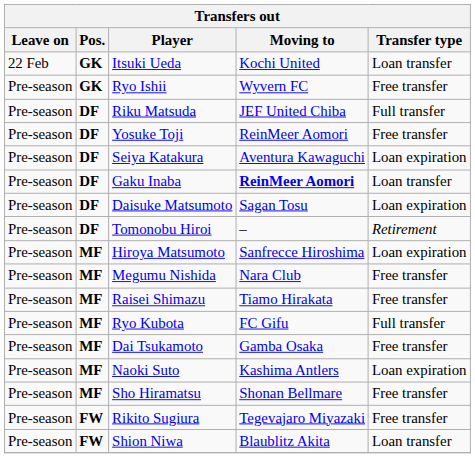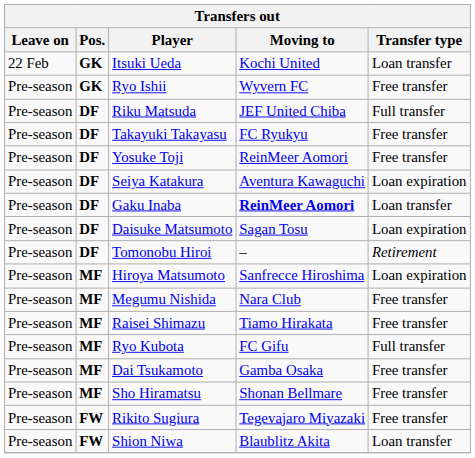 <table class="wikitable sortable" style=“text-align:left;>
 <tr>
 <th colspan="5">Transfers out</th>
 </tr>
 <tr>
 <th>Leave on</th>
 <th>Pos.</th>
 <th>Player</th>
 <th>Moving to</th>
 <th>Transfer type</th>
 </tr>
 <tr>
 <td>22 Feb</td>
 <td><strong>GK</strong></td>
 <td> <a href='#'>Itsuki Ueda</a></td>
 <td> <a href='#'>Kochi United</a></td>
 <td>Loan transfer</td>
 </tr>
 <tr>
 <td>Pre-season</td>
 <td><strong>GK</strong></td>
 <td> <a href='#'>Ryo Ishii</a></td>
 <td> <a href='#'>Wyvern FC</a></td>
 <td>Free transfer</td>
 </tr>
 <tr>
 <td>Pre-season</td>
 <td><strong>DF</strong></td>
 <td> <a href='#'>Riku Matsuda</a></td>
 <td> <a href='#'>JEF United Chiba</a></td>
 <td>Full transfer</td>
+</tr>
+<tr>
+<td>Pre-season</td>
+<td><strong>DF</strong></td>
+<td> <a href='#'>Takayuki Takayasu</a></td>
+<td> <a href='#'>FC Ryukyu</a></td>
+<td>Free transfer</td>
 </tr>
 <tr>
 <td>Pre-season</td>
 <td><strong>DF</strong></td>
 <td> <a href='#'>Yosuke Toji</a></td>
 <td> <a href='#'>ReinMeer Aomori</a></td>
 <td>Free transfer</td>
 </tr>
 <tr>
 <td>Pre-season</td>
 <td><strong>DF</strong></td>
 <td> <a href='#'>Seiya Katakura</a></td>
 <td> <a href='#'>Aventura Kawaguchi</a></td>
 <td>Loan expiration</td>
 </tr>
 <tr>
 <td>Pre-season</td>
 <td><strong>DF</strong></td>
 <td> <a href='#'>Gaku Inaba</a></td>
 <td><strong> <a href='#'>ReinMeer Aomori</a></strong></td>
 <td>Loan transfer</td>
 </tr>
 <tr>
 <td>Pre-season</td>
 <td><strong>DF</strong></td>
 <td> <a href='#'>Daisuke Matsumoto</a></td>
 <td> <a href='#'>Sagan Tosu</a></td>
 <td>Loan expiration</td>
 </tr>
 <tr>
 <td>Pre-season</td>
 <td><strong>DF</strong></td>
 <td> <a href='#'>Tomonobu Hiroi</a></td>
 <td>–</td>
 <td><em>Retirement</em></td>
 </tr>
 <tr>
 <td>Pre-season</td>
 <td><strong>MF</strong></td>
 <td> <a href='#'>Hiroya Matsumoto</a></td>
 <td> <a href='#'>Sanfrecce Hiroshima</a></td>
 <td>Loan expiration</td>
 </tr>
 <tr>
 <td>Pre-season</td>
 <td><strong>MF</strong></td>
 <td> <a href='#'>Megumu Nishida</a></td>
 <td> <a href='#'>Nara Club</a></td>
 <td>Free transfer</td>
 </tr>
 <tr>
 <td>Pre-season</td>
 <td><strong>MF</strong></td>
 <td> <a href='#'>Raisei Shimazu</a></td>
 <td> <a href='#'>Tiamo Hirakata</a></td>
 <td>Free transfer</td>
 </tr>
 <tr>
 <td>Pre-season</td>
 <td><strong>MF</strong></td>
 <td> <a href='#'>Ryo Kubota</a></td>
 <td> <a href='#'>FC Gifu</a></td>
 <td>Full transfer</td>
 </tr>
 <tr>
 <td>Pre-season</td>
 <td><strong>MF</strong></td>
 <td> <a href='#'>Dai Tsukamoto</a></td>
 <td> <a href='#'>Gamba Osaka</a></td>
 <td>Free transfer</td>
 </tr>
 <tr>
 <td>Pre-season</td>
 <td><strong>MF</strong></td>
-<td> <a href='#'>Naoki Suto</a></td>
-<td> <a href='#'>Kashima Antlers</a></td>
-<td>Loan expiration</td>
-</tr>
-<tr>
-<td>Pre-season</td>
-<td><strong>MF</strong></td>
 <td> <a href='#'>Sho Hiramatsu</a></td>
 <td> <a href='#'>Shonan Bellmare</a></td>
 <td>Free transfer</td>
 </tr>
 <tr>
 <td>Pre-season</td>
 <td><strong>FW</strong></td>
 <td> <a href='#'>Rikito Sugiura</a></td>
 <td> <a href='#'>Tegevajaro Miyazaki</a></td>
 <td>Free transfer</td>
 </tr>
 <tr>
 <td>Pre-season</td>
 <td><strong>FW</strong></td>
 <td> <a href='#'>Shion Niwa</a></td>
 <td> <a href='#'>Blaublitz Akita</a></td>
 <td>Loan transfer</td>
 </tr>
 <tr>
 </tr>
 </table>
